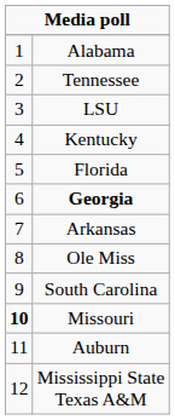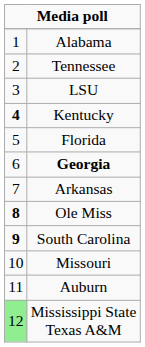 <table class="wikitable">
 <tr align="center">
 <td align="center" Colspan="3"><strong>Media poll</strong></td>
 </tr>
 <tr align="center">
 </tr>
 <tr align="center">
 <td>1</td>
 <td>Alabama</td>
 </tr>
 <tr align="center">
 <td>2</td>
 <td>Tennessee</td>
 </tr>
 <tr align="center">
 <td>3</td>
 <td>LSU</td>
 </tr>
 <tr align="center">
-<td>4</td>
+<td><strong>4</strong></td>
 <td>Kentucky</td>
 </tr>
 <tr align="center">
 <td>5</td>
 <td>Florida</td>
 </tr>
 <tr align="center">
 <td>6</td>
 <td><strong>Georgia</strong></td>
 </tr>
 <tr align="center">
 <td>7</td>
 <td>Arkansas</td>
 </tr>
 <tr align="center">
-<td>8</td>
+<td><strong>8</strong></td>
 <td>Ole Miss</td>
 </tr>
 <tr align="center">
-<td>9</td>
+<td><strong>9</strong></td>
 <td>South Carolina</td>
 </tr>
 <tr align="center">
-<td><strong>10</strong></td>
+<td>10</td>
 <td>Missouri</td>
 </tr>
 <tr align="center">
 <td>11</td>
 <td>Auburn</td>
 </tr>
 <tr align="center">
-<td>12</td>
+<td style="background: lightgreen;">12</td>
 <td>Mississippi State<br>Texas A&M</td>
 </tr>
 </table>
